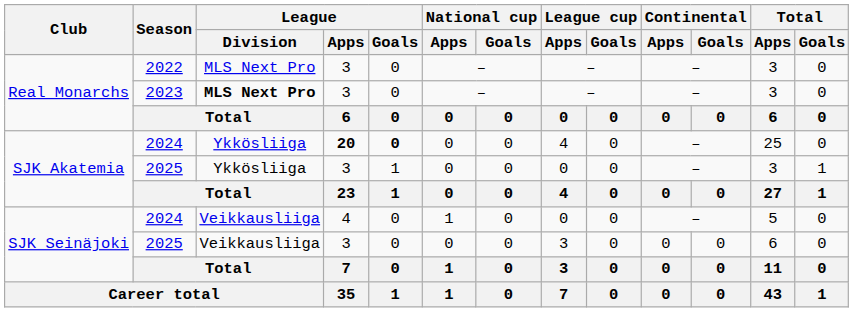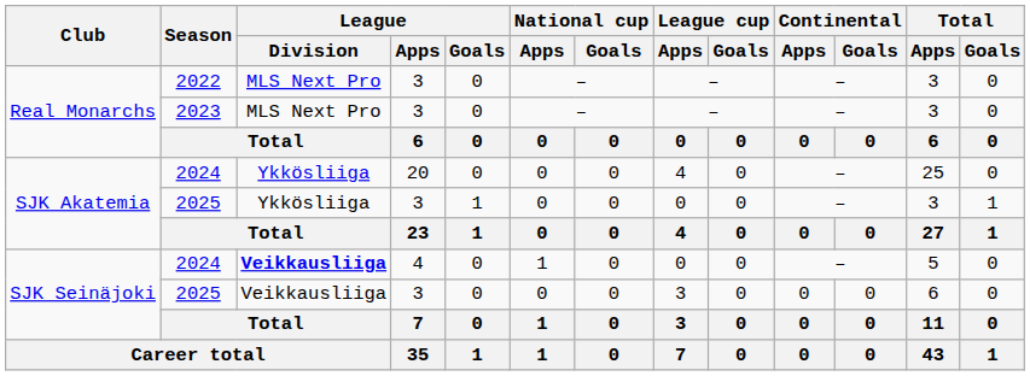 <table class="wikitable" style="text-align:center">
 <tr>
 <th rowspan="2">Club</th>
 <th rowspan="2">Season</th>
 <th colspan="3">League</th>
 <th colspan="2">National cup</th>
 <th colspan="2">League cup</th>
 <th colspan="2">Continental</th>
 <th colspan="2">Total</th>
 </tr>
 <tr>
 <th>Division</th>
 <th>Apps</th>
 <th>Goals</th>
 <th>Apps</th>
 <th>Goals</th>
 <th>Apps</th>
 <th>Goals</th>
 <th>Apps</th>
 <th>Goals</th>
 <th>Apps</th>
 <th>Goals</th>
 </tr>
 <tr>
 <td rowspan="3"><a href='#'>Real Monarchs</a></td>
 <td><a href='#'>2022</a></td>
 <td><a href='#'>MLS Next Pro</a></td>
 <td>3</td>
 <td>0</td>
 <td colspan="2">–</td>
 <td colspan="2">–</td>
 <td colspan="2">–</td>
 <td>3</td>
 <td>0</td>
 </tr>
 <tr>
 <td><a href='#'>2023</a></td>
-<td><strong>MLS Next Pro</strong></td>
+<td>MLS Next Pro</td>
 <td>3</td>
 <td>0</td>
 <td colspan="2">–</td>
 <td colspan="2">–</td>
 <td colspan="2">–</td>
 <td>3</td>
 <td>0</td>
 </tr>
 <tr>
 <th colspan="2">Total</th>
 <th>6</th>
 <th>0</th>
 <th>0</th>
 <th>0</th>
 <th>0</th>
 <th>0</th>
 <th>0</th>
 <th>0</th>
 <th>6</th>
 <th>0</th>
 </tr>
 <tr>
 <td rowspan=3><a href='#'>SJK Akatemia</a></td>
 <td><a href='#'>2024</a></td>
 <td><a href='#'>Ykkösliiga</a></td>
-<td><strong>20</strong></td>
-<td><strong>0</strong></td>
+<td>20</td>
+<td>0</td>
 <td>0</td>
 <td>0</td>
 <td>4</td>
 <td>0</td>
 <td colspan="2">–</td>
 <td>25</td>
 <td>0</td>
 </tr>
 <tr>
 <td><a href='#'>2025</a></td>
 <td>Ykkösliiga</td>
 <td>3</td>
 <td>1</td>
 <td>0</td>
 <td>0</td>
 <td>0</td>
 <td>0</td>
 <td colspan=2>–</td>
 <td>3</td>
 <td>1</td>
 </tr>
 <tr>
 <th colspan=2>Total</th>
 <th>23</th>
 <th>1</th>
 <th>0</th>
 <th>0</th>
 <th>4</th>
 <th>0</th>
 <th>0</th>
 <th>0</th>
 <th>27</th>
 <th>1</th>
 </tr>
 <tr>
 <td rowspan=3><a href='#'>SJK Seinäjoki</a></td>
 <td><a href='#'>2024</a></td>
-<td><a href='#'>Veikkausliiga</a></td>
+<td><strong><a href='#'>Veikkausliiga</a></strong></td>
 <td>4</td>
 <td>0</td>
 <td>1</td>
 <td>0</td>
 <td>0</td>
 <td>0</td>
 <td colspan="2">–</td>
 <td>5</td>
 <td>0</td>
 </tr>
 <tr>
 <td><a href='#'>2025</a></td>
 <td>Veikkausliiga</td>
 <td>3</td>
 <td>0</td>
 <td>0</td>
 <td>0</td>
 <td>3</td>
 <td>0</td>
 <td>0</td>
 <td>0</td>
 <td>6</td>
 <td>0</td>
 </tr>
 <tr>
 <th colspan=2>Total</th>
 <th>7</th>
 <th>0</th>
 <th>1</th>
 <th>0</th>
 <th>3</th>
 <th>0</th>
 <th>0</th>
 <th>0</th>
 <th>11</th>
 <th>0</th>
 </tr>
 <tr>
 <th colspan="3">Career total</th>
 <th>35</th>
 <th>1</th>
 <th>1</th>
 <th>0</th>
 <th>7</th>
 <th>0</th>
 <th>0</th>
 <th>0</th>
 <th>43</th>
 <th>1</th>
 </tr>
 </table>
